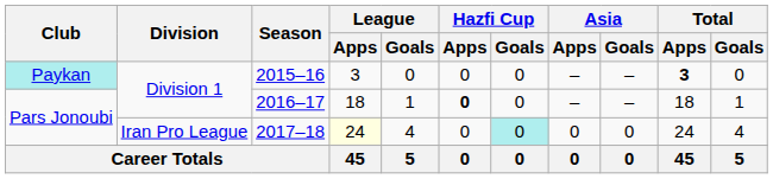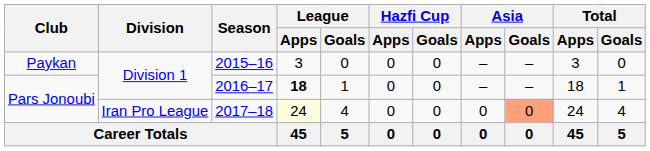 <table class="wikitable" style="text-align: center;">
 <tr>
 <th rowspan="2">Club</th>
 <th rowspan="2">Division</th>
 <th rowspan="2">Season</th>
 <th colspan="2">League</th>
 <th colspan="2"><a href='#'>Hazfi Cup</a></th>
 <th colspan="2"><a href='#'>Asia</a></th>
 <th colspan="2">Total</th>
 </tr>
 <tr>
 <th>Apps</th>
 <th>Goals</th>
 <th>Apps</th>
 <th>Goals</th>
 <th>Apps</th>
 <th>Goals</th>
 <th>Apps</th>
 <th>Goals</th>
 </tr>
 <tr>
-<td style="background: paleturquoise;"><a href='#'>Paykan</a></td>
+<td><a href='#'>Paykan</a></td>
 <td rowspan="2"><a href='#'>Division 1</a></td>
 <td><a href='#'>2015–16</a></td>
 <td>3</td>
 <td>0</td>
 <td>0</td>
 <td>0</td>
 <td>–</td>
 <td>–</td>
-<td><strong>3</strong></td>
+<td>3</td>
 <td>0</td>
 </tr>
 <tr>
 <td rowspan="2"><a href='#'>Pars Jonoubi</a></td>
 <td><a href='#'>2016–17</a></td>
-<td>18</td>
+<td><strong>18</strong></td>
 <td>1</td>
-<td><strong>0</strong></td>
+<td>0</td>
 <td>0</td>
 <td>–</td>
 <td>–</td>
 <td>18</td>
 <td>1</td>
 </tr>
 <tr>
 <td rowspan="1"><a href='#'>Iran Pro League</a></td>
 <td><a href='#'>2017–18</a></td>
 <td style="background: lightyellow;">24</td>
 <td>4</td>
 <td>0</td>
-<td style="background: paleturquoise;">0</td>
 <td>0</td>
 <td>0</td>
+<td style="background: lightsalmon;">0</td>
 <td>24</td>
 <td>4</td>
 </tr>
 <tr>
 <th colspan=3>Career Totals</th>
 <th>45</th>
 <th>5</th>
 <th>0</th>
 <th>0</th>
 <th>0</th>
 <th>0</th>
 <th>45</th>
 <th>5</th>
 </tr>
 </table>
